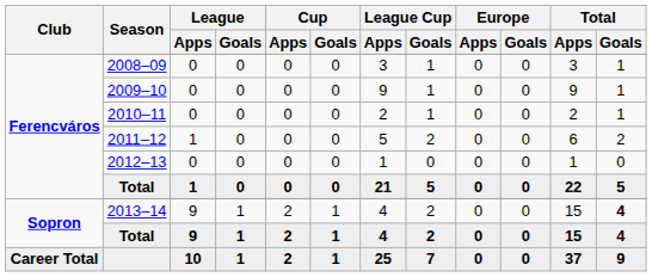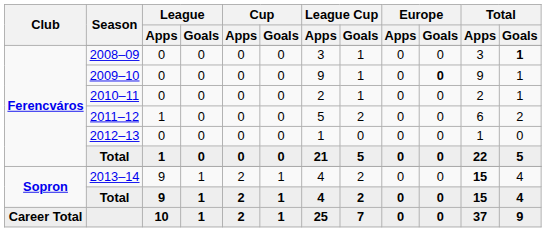 <table class="wikitable" style="font-size:90%; text-align: center;">
 <tr>
 <th rowspan="2">Club</th>
 <th rowspan="2">Season</th>
 <th colspan="2">League</th>
 <th colspan="2">Cup</th>
 <th colspan="2">League Cup</th>
 <th colspan="2">Europe</th>
 <th colspan="2">Total</th>
 </tr>
 <tr>
 <th>Apps</th>
 <th>Goals</th>
 <th>Apps</th>
 <th>Goals</th>
 <th>Apps</th>
 <th>Goals</th>
 <th>Apps</th>
 <th>Goals</th>
 <th>Apps</th>
 <th>Goals</th>
 </tr>
 <tr ||-||-||-|->
 <td rowspan="7" valign="center"><strong><a href='#'>Ferencváros</a></strong></td>
 </tr>
 <tr>
 <td><a href='#'>2008–09</a></td>
 <td>0</td>
 <td>0</td>
 <td>0</td>
 <td>0</td>
 <td>3</td>
 <td>1</td>
 <td>0</td>
 <td>0</td>
 <td>3</td>
-<td>1</td>
+<td><strong>1</strong></td>
 </tr>
 <tr>
 <td><a href='#'>2009–10</a></td>
 <td>0</td>
 <td>0</td>
 <td>0</td>
 <td>0</td>
 <td>9</td>
 <td>1</td>
 <td>0</td>
-<td>0</td>
+<td><strong>0</strong></td>
 <td>9</td>
 <td>1</td>
 </tr>
 <tr>
 <td><a href='#'>2010–11</a></td>
 <td>0</td>
 <td>0</td>
 <td>0</td>
 <td>0</td>
 <td>2</td>
 <td>1</td>
 <td>0</td>
 <td>0</td>
 <td>2</td>
 <td>1</td>
 </tr>
 <tr>
 <td><a href='#'>2011–12</a></td>
 <td>1</td>
 <td>0</td>
 <td>0</td>
 <td>0</td>
 <td>5</td>
 <td>2</td>
 <td>0</td>
 <td>0</td>
 <td>6</td>
 <td>2</td>
 </tr>
 <tr>
 <td><a href='#'>2012–13</a></td>
 <td>0</td>
 <td>0</td>
 <td>0</td>
 <td>0</td>
 <td>1</td>
 <td>0</td>
 <td>0</td>
 <td>0</td>
 <td>1</td>
 <td>0</td>
 </tr>
 <tr style="font-weight:bold; background-color:#eeeeee;">
 <td>Total</td>
 <td>1</td>
 <td>0</td>
 <td>0</td>
 <td>0</td>
 <td>21</td>
 <td>5</td>
 <td>0</td>
 <td>0</td>
 <td>22</td>
 <td>5</td>
 </tr>
 <tr>
 <td rowspan="3" valign="center"><strong><a href='#'>Sopron</a></strong></td>
 </tr>
 <tr>
 <td><a href='#'>2013–14</a></td>
 <td>9</td>
 <td>1</td>
 <td>2</td>
 <td>1</td>
 <td>4</td>
 <td>2</td>
 <td>0</td>
 <td>0</td>
-<td>15</td>
-<td><strong>4</strong></td>
+<td><strong>15</strong></td>
+<td>4</td>
 </tr>
 <tr style="font-weight:bold; background-color:#eeeeee;">
 <td>Total</td>
 <td>9</td>
 <td>1</td>
 <td>2</td>
 <td>1</td>
 <td>4</td>
 <td>2</td>
 <td>0</td>
 <td>0</td>
 <td>15</td>
 <td>4</td>
 </tr>
 <tr style="font-weight:bold; background-color:#eeeeee;">
 <td rowspan="1" valign="top"><strong>Career Total</strong></td>
 <td></td>
 <td><strong>10</strong></td>
 <td><strong>1</strong></td>
 <td><strong>2</strong></td>
 <td><strong>1</strong></td>
 <td><strong>25</strong></td>
 <td><strong>7</strong></td>
 <td><strong>0</strong></td>
 <td><strong>0</strong></td>
 <td><strong>37</strong></td>
 <td><strong>9</strong></td>
 </tr>
 </table>
